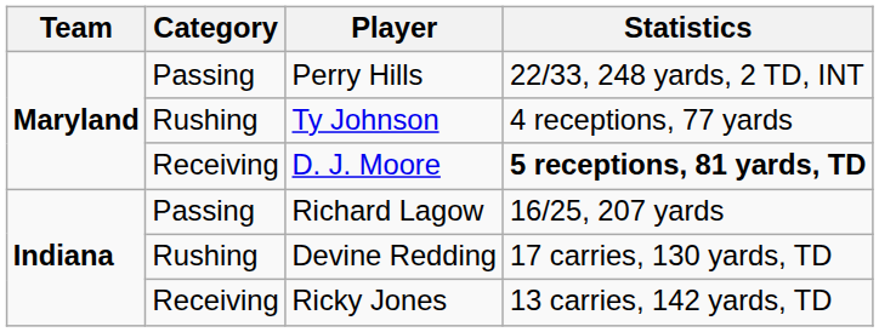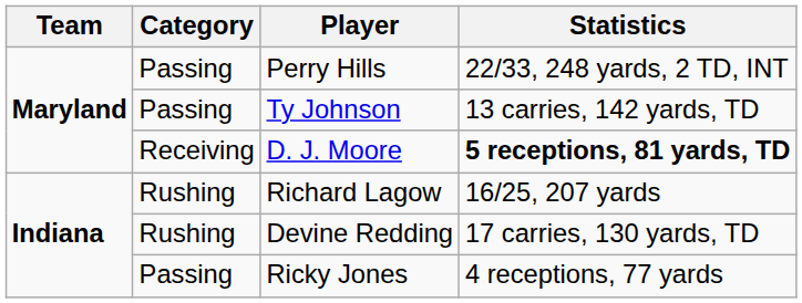 <table class="wikitable" style="float: right;">
 <tr>
 <th>Team</th>
 <th>Category</th>
 <th>Player</th>
 <th>Statistics</th>
 </tr>
 <tr>
 <td rowspan=3><strong>Maryland</strong></td>
 <td>Passing</td>
 <td>Perry Hills</td>
 <td>22/33, 248 yards, 2 TD, INT</td>
 </tr>
 <tr>
-<td>Rushing</td>
+<td>Passing</td>
 <td><a href='#'>Ty Johnson</a></td>
-<td>4 receptions, 77 yards</td>
+<td>13 carries, 142 yards, TD</td>
 </tr>
 <tr>
 <td>Receiving</td>
 <td><a href='#'>D. J. Moore</a></td>
 <td><strong>5 receptions, 81 yards, TD</strong></td>
 </tr>
 <tr>
 <td rowspan=3><strong>Indiana</strong></td>
-<td>Passing</td>
+<td>Rushing</td>
 <td>Richard Lagow</td>
 <td>16/25, 207 yards</td>
 </tr>
 <tr>
 <td>Rushing</td>
 <td>Devine Redding</td>
 <td>17 carries, 130 yards, TD</td>
 </tr>
 <tr>
-<td>Receiving</td>
+<td>Passing</td>
 <td>Ricky Jones</td>
-<td>13 carries, 142 yards, TD</td>
+<td>4 receptions, 77 yards</td>
 </tr>
 </table>
